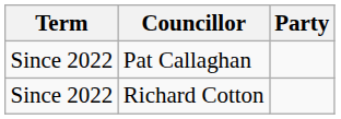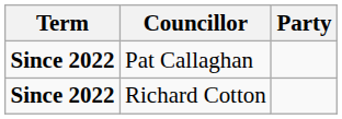 <table class="wikitable">
 <tr>
 <th>Term</th>
 <th>Councillor</th>
 <th colspan=2>Party</th>
 </tr>
 <tr>
-<td>Since 2022</td>
+<td><strong>Since 2022</strong></td>
 <td>Pat Callaghan</td>
 <td></td>
 </tr>
 <tr>
-<td>Since 2022</td>
+<td><strong>Since 2022</strong></td>
 <td>Richard Cotton</td>
 <td></td>
 </tr>
 </table>
